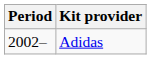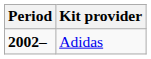 <table class="wikitable" style="text-align: left">
 <tr>
 <th>Period</th>
 <th>Kit provider</th>
 </tr>
 <tr>
-<td>2002–</td>
+<td><strong>2002–</strong></td>
 <td><a href='#'>Adidas</a></td>
 </tr>
 </table>
